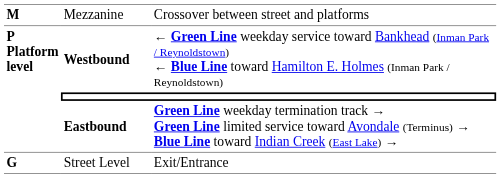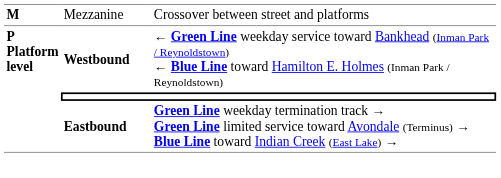 <table table border=0 cellspacing=0 cellpadding=3>
 <tr>
 <td style="border-top:solid 1px gray;" width=50 valign=top><strong>M</strong></td>
 <td style="border-top:solid 1px gray;" width=100 valign=top>Mezzanine</td>
 <td style="border-top:solid 1px gray;" width=400 valign=top>Crossover between street and platforms</td>
 </tr>
 <tr>
 <td style="border-top:solid 1px gray;border-bottom:solid 1px gray;" width=50 rowspan=3 valign=top><strong>P<br>Platform level</strong></td>
 <td style="border-top:solid 1px gray;" width=100><strong>Westbound</strong></td>
 <td style="border-top:solid 1px gray;" width=400>← <a href='#'><span><strong>Green Line</strong></span></a> weekday service toward <a href='#'>Bankhead</a> <small>(<a href='#'>Inman Park / Reynoldstown</a>)</small><br>← <a href='#'><span><strong>Blue Line</strong></span></a> toward <a href='#'>Hamilton E. Holmes</a> <small>(Inman Park / Reynoldstown)</small></td>
 </tr>
 <tr>
 <td style="border-top:solid 2px black;border-right:solid 2px black;border-left:solid 2px black;border-bottom:solid 2px black;text-align:center;" colspan=2></td>
 </tr>
 <tr>
 <td style="border-bottom:solid 1px gray;"><strong>Eastbound</strong></td>
 <td style="border-bottom:solid 1px gray;"> <a href='#'><span><strong>Green Line</strong></span></a> weekday termination track → <br> <a href='#'><span><strong>Green Line</strong></span></a> limited service toward <a href='#'>Avondale</a> <small>(Terminus)</small> → <br> <a href='#'><span><strong>Blue Line</strong></span></a> toward <a href='#'>Indian Creek</a> <small>(<a href='#'>East Lake</a>)</small> →</td>
 </tr>
-<tr>
-<td style="border-bottom:solid 1px gray;"  width=50 valign=top><strong>G</strong></td>
-<td style="border-bottom:solid 1px gray;"  width=100 valign=top>Street Level</td>
-<td style="border-bottom:solid 1px gray;"  width=400 valign=top>Exit/Entrance</td>
-</tr>
 </table>
